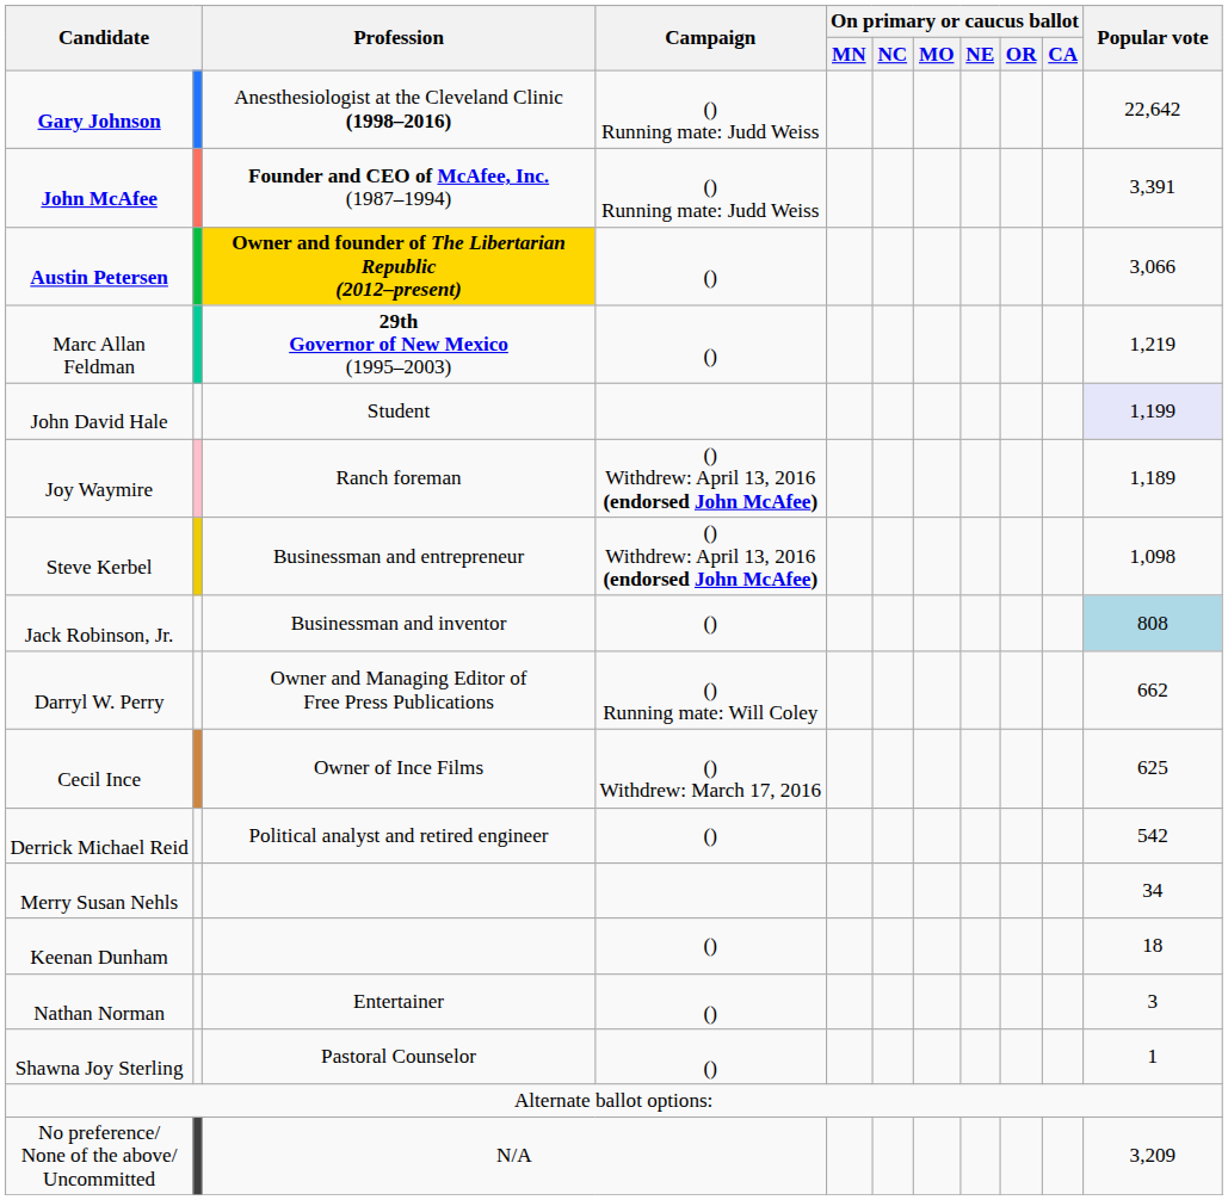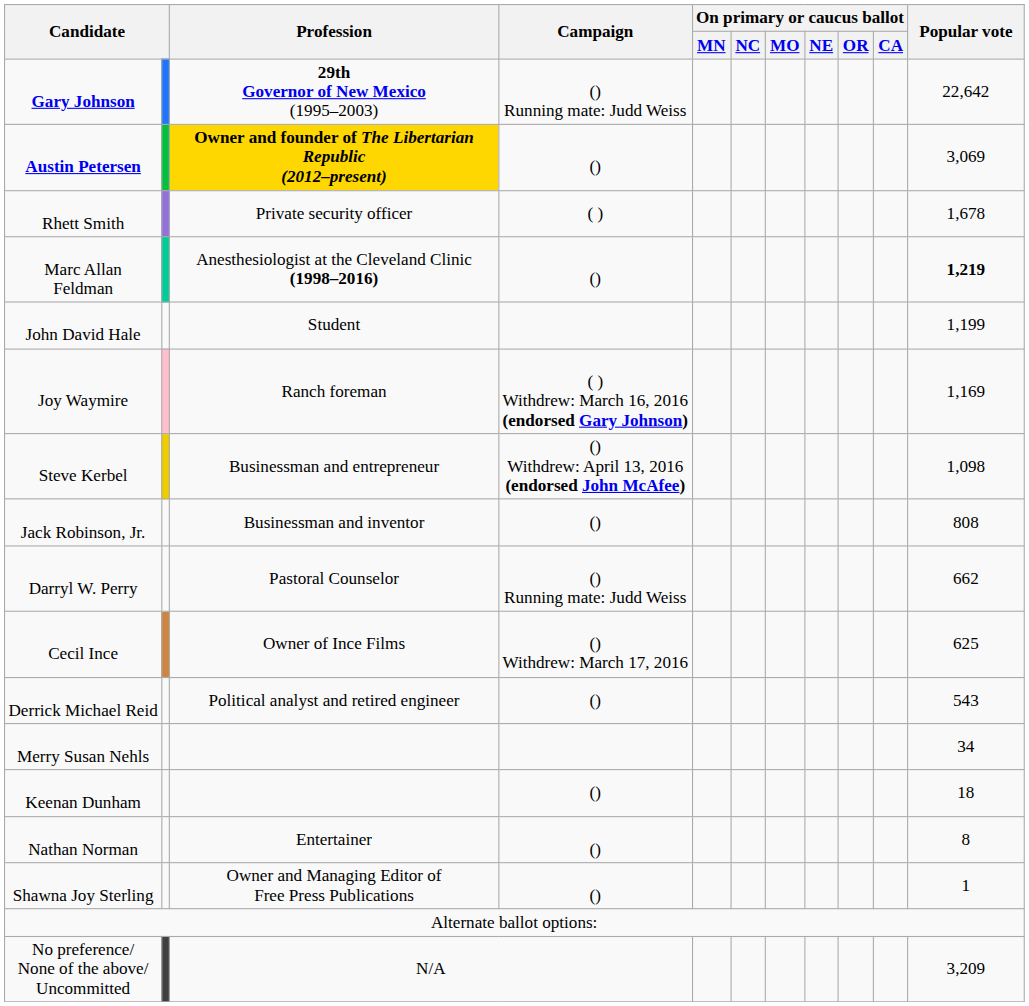 <table class="wikitable sortable" style="text-align:center;">
 <tr>
 <th rowspan="2" colspan="2" style="padding:10px; width:120px; ">Candidate</th>
 <th rowspan="2" style="width:300px;" class="unsortable">Profession</th>
 <th rowspan="2" class="unsortable">Campaign</th>
 <th colspan="6">On primary or caucus ballot</th>
 <th rowspan="2" style="padding:10px;">Popular vote</th>
 </tr>
 <tr>
 <th><a href='#'>MN</a><br></th>
 <th><a href='#'>NC</a><br></th>
 <th><a href='#'>MO</a><br></th>
 <th><a href='#'>NE</a><br></th>
 <th><a href='#'>OR</a><br></th>
 <th><a href='#'>CA</a></th>
 </tr>
 <tr>
 <td data-sort-value="Johnson, Gary"><br><strong><a href='#'>Gary Johnson</a></strong></td>
 <td style="background:#1F75FE;"></td>
-<td></strong>Anesthesiologist at the Cleveland Clinic<strong><br>(1998–2016)</td>
+<td><strong>29th<br><a href='#'>Governor of New Mexico</a></strong><br>(1995–2003)</td>
 <td><br>()<br>Running mate: Judd Weiss</td>
 <td></td>
 <td></td>
 <td></td>
 <td></td>
 <td></td>
 <td></td>
 <td data-sort-value="20492">22,642</td>
-</tr>
-<tr>
-<td data-sort-value="McAfee, John"><br><strong><a href='#'>John McAfee</a></strong></td>
-<td style="background:#FE6F5E;"></td>
-<td><strong>Founder and CEO of <a href='#'>McAfee, Inc.</a></strong><br>(1987–1994)</td>
-<td><br>()<br>Running mate: Judd Weiss</td>
-<td></td>
-<td></td>
-<td></td>
-<td></td>
-<td></td>
-<td></td>
-<td data-sort-value="3054">3,391</td>
 </tr>
 <tr>
 <td data-sort-value="Petersen, Austin"><br><strong><a href='#'>Austin Petersen</a> </strong></td>
 <td style="background:#03C03C;"></td>
 <td style="background: gold;"><strong>Owner and founder of <em>The Libertarian Republic<strong><em><br>(2012–</em>present<em>)</td>
 <td> <br> ()</td>
 <td></td>
 <td></td>
 <td></td>
 <td></td>
 <td></td>
 <td></td>
-<td data-sort-value="2865">3,066</td>
+<td data-sort-value="2865">3,069</td>
+</tr>
+<tr>
+<td data-sort-value="Smith, Rhett"><br></strong>Rhett Smith<strong></td>
+<td style="background:#9370DB;"></td>
+<td></strong>Private security officer<strong></td>
+<td>( )</td>
+<td></td>
+<td></td>
+<td></td>
+<td></td>
+<td></td>
+<td></td>
+<td data-sort-value="1531">1,678</td>
 </tr>
 <tr>
 <td data-sort-value="Feldman, Marc Allan"><br></strong>Marc Allan<br>Feldman<strong></td>
 <td style="background:#0c9;"></td>
-<td><strong>29th<br><a href='#'>Governor of New Mexico</a></strong><br>(1995–2003)</td>
+<td></strong>Anesthesiologist at the Cleveland Clinic<strong><br>(1998–2016)</td>
 <td><br>()</td>
 <td></td>
 <td></td>
 <td></td>
 <td></td>
 <td></td>
 <td></td>
-<td data-sort-value="1109">1,219</td>
+<td data-sort-value="1109"><strong>1,219</strong></td>
 </tr>
 <tr>
 <td data-sort-value="Hale, John David"><br></strong>John David Hale<strong></td>
 <td></td>
 <td></strong>Student<strong></td>
 <td></td>
 <td></td>
 <td></td>
 <td></td>
 <td></td>
 <td></td>
 <td></td>
-<td data-sort-value="1108" style="background: lavender;">1,199</td>
+<td data-sort-value="1108">1,199</td>
 </tr>
 <tr>
 <td data-sort-value="Waymire, Joy"><br></strong>Joy Waymire<strong></td>
 <td style="background:pink;"></td>
 <td></strong>Ranch foreman<strong></td>
-<td>()<br></strong>Withdrew: April 13, 2016<strong><br></em>(endorsed <a href='#'>John McAfee</a>)<em></td>
+<td><br>( )<br></strong>Withdrew: March 16, 2016<strong> <br></em>(endorsed <a href='#'>Gary Johnson</a>)<em></td>
 <td></td>
 <td></td>
 <td></td>
 <td></td>
 <td></td>
 <td></td>
-<td data-sort-value="1078">1,189</td>
+<td data-sort-value="1078">1,169</td>
 </tr>
 <tr>
 <td data-sort-value="Kerbel, Steve"><br></strong>Steve Kerbel<strong></td>
 <td style="background:#EFCC00;"></td>
 <td></strong>Businessman and entrepreneur<strong></td>
 <td>()<br></strong>Withdrew: April 13, 2016<strong><br></em>(endorsed <a href='#'>John McAfee</a>)<em></td>
 <td></td>
 <td></td>
 <td></td>
 <td></td>
 <td></td>
 <td></td>
 <td data-sort-value="1029">1,098</td>
 </tr>
 <tr>
 <td data-sort-value="Robinson, Jr., Jack"><br> </strong>Jack Robinson, Jr.<strong></td>
 <td></td>
 <td></strong>Businessman and inventor<strong></td>
 <td>()</td>
 <td></td>
 <td></td>
 <td></td>
 <td></td>
 <td></td>
 <td></td>
-<td data-sort-value="729" style="background: lightblue;">808</td>
+<td data-sort-value="729">808</td>
 </tr>
 <tr>
 <td data-sort-value="Perry, Darryl"><br></strong>Darryl W. Perry<strong></td>
 <td></td>
-<td></strong>Owner and Managing Editor of<br>Free Press Publications<strong></td>
-<td><br>() <br>Running mate: Will Coley</td>
+<td></strong>Pastoral Counselor<strong></td>
+<td><br>()<br>Running mate: Judd Weiss</td>
 <td></td>
 <td></td>
 <td></td>
 <td></td>
 <td></td>
 <td></td>
 <td data-sort-value="600">662</td>
 </tr>
 <tr>
 <td data-sort-value="Ince, Cecil"><br></strong>Cecil Ince<strong></td>
 <td style="background:peru;"></td>
 <td></strong>Owner of Ince Films<strong></td>
 <td><br>()<br></strong>Withdrew: March 17, 2016<strong></td>
 <td></td>
 <td></td>
 <td></td>
 <td></td>
 <td></td>
 <td></td>
 <td data-sort-value="562">625</td>
 </tr>
 <tr>
 <td data-sort-value="Reid, Derrick Michael"><br></strong>Derrick Michael Reid<strong></td>
 <td></td>
 <td></strong>Political analyst and retired engineer<strong></td>
 <td>()</td>
 <td></td>
 <td></td>
 <td></td>
 <td></td>
 <td></td>
 <td></td>
-<td data-sort-value="494">542</td>
+<td data-sort-value="494">543</td>
 </tr>
 <tr>
 <td data-sort-value="Nehls, Merry Susan"><br></strong>Merry Susan Nehls<strong></td>
 <td></td>
 <td></td>
 <td></td>
 <td></td>
 <td></td>
 <td></td>
 <td></td>
 <td></td>
 <td></td>
 <td data-sort-value="34">34</td>
 </tr>
 <tr>
 <td data-sort-value="Dunham, Keenan"><br></strong>Keenan Dunham<strong></td>
 <td></td>
 <td></td>
 <td>()</td>
 <td></td>
 <td></td>
 <td></td>
 <td></td>
 <td></td>
 <td></td>
 <td data-sort-value="18">18</td>
 </tr>
 <tr>
 <td data-sort-value="Norman, Nathan"><br></strong>Nathan Norman<strong></td>
 <td></td>
 <td></strong>Entertainer<strong></td>
 <td><br>()</td>
 <td></td>
 <td></td>
 <td></td>
 <td></td>
 <td></td>
 <td></td>
-<td data-sort-value="8">3</td>
+<td data-sort-value="8">8</td>
 </tr>
 <tr>
 <td data-sort-value="Sterling, Shawna Joy"><br></strong>Shawna Joy Sterling<strong></td>
 <td></td>
-<td></strong>Pastoral Counselor<strong></td>
+<td></strong>Owner and Managing Editor of<br>Free Press Publications<strong></td>
 <td><br>()</td>
 <td></td>
 <td></td>
 <td></td>
 <td></td>
 <td></td>
 <td></td>
 <td data-sort-value="1">1</td>
 </tr>
 <tr>
 <td Colspan=11></em></strong>Alternate ballot options:<strong><em></td>
 </tr>
 <tr>
 <td data-sort-value="No preference/ None of the above/ Uncommitted"></strong>No preference/<br> None of the above/<br> Uncommitted<strong></td>
 <td style="background:#3F3F3F"></td>
 <td colspan=2></em>N/A<em></td>
 <td></td>
 <td></td>
 <td></td>
 <td></td>
 <td></td>
 <td></td>
 <td data-sort-value="3209">3,209</td>
 </tr>
 </table>
